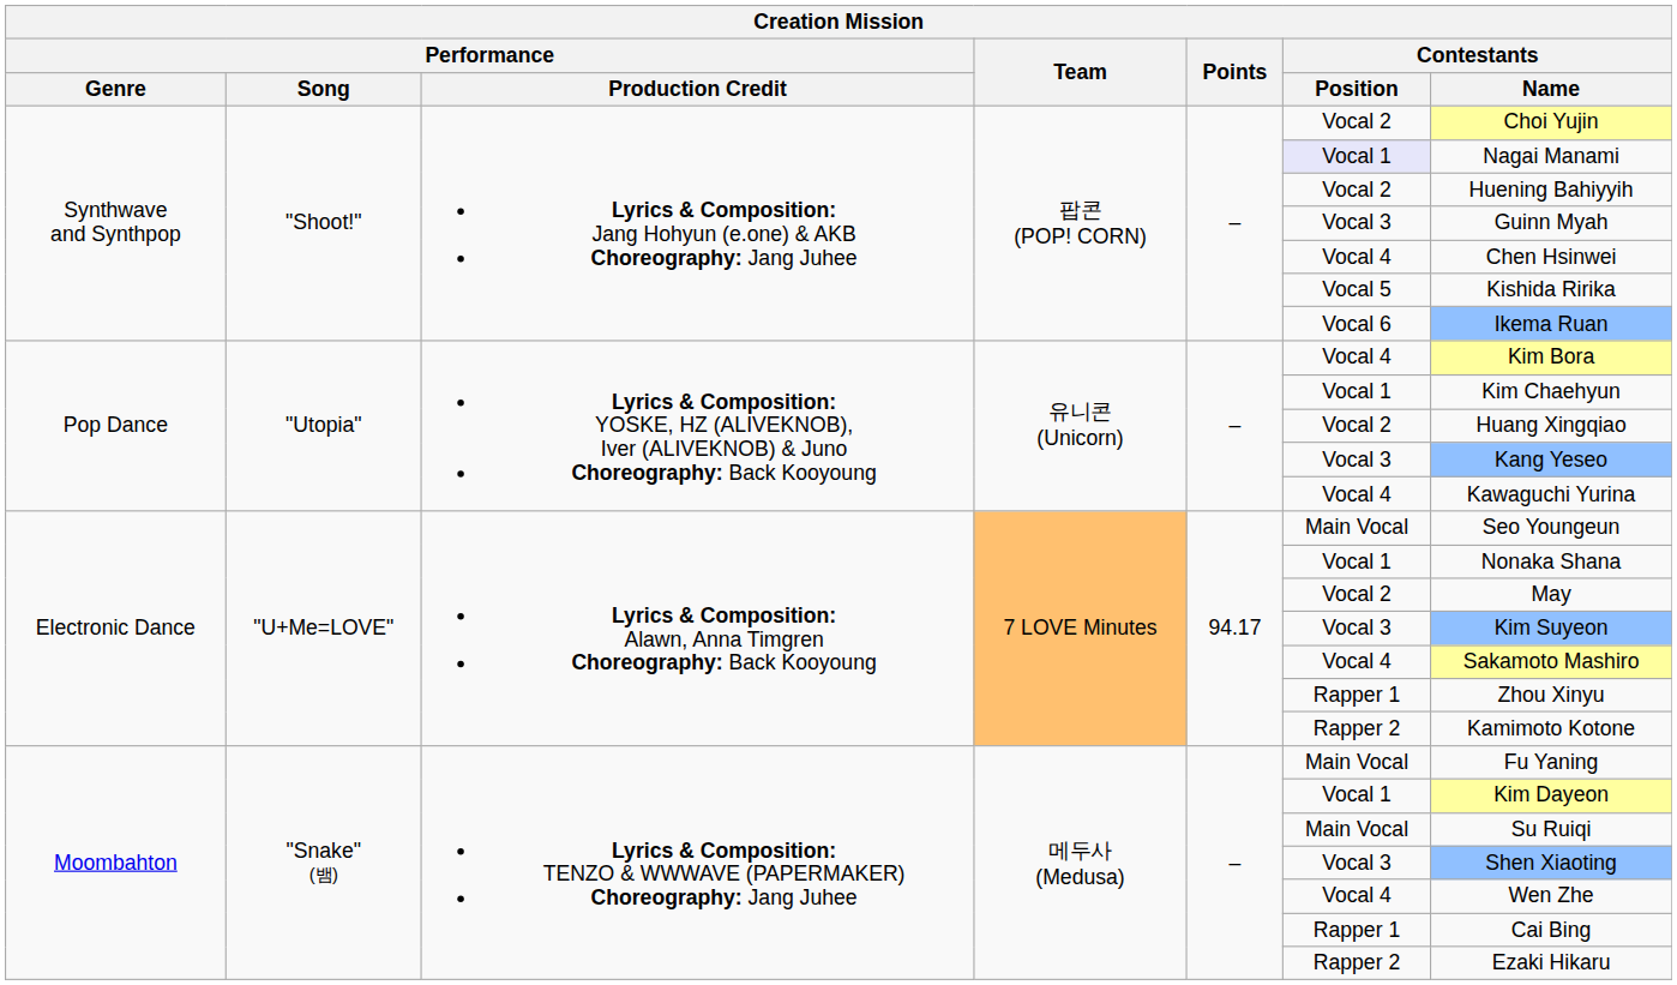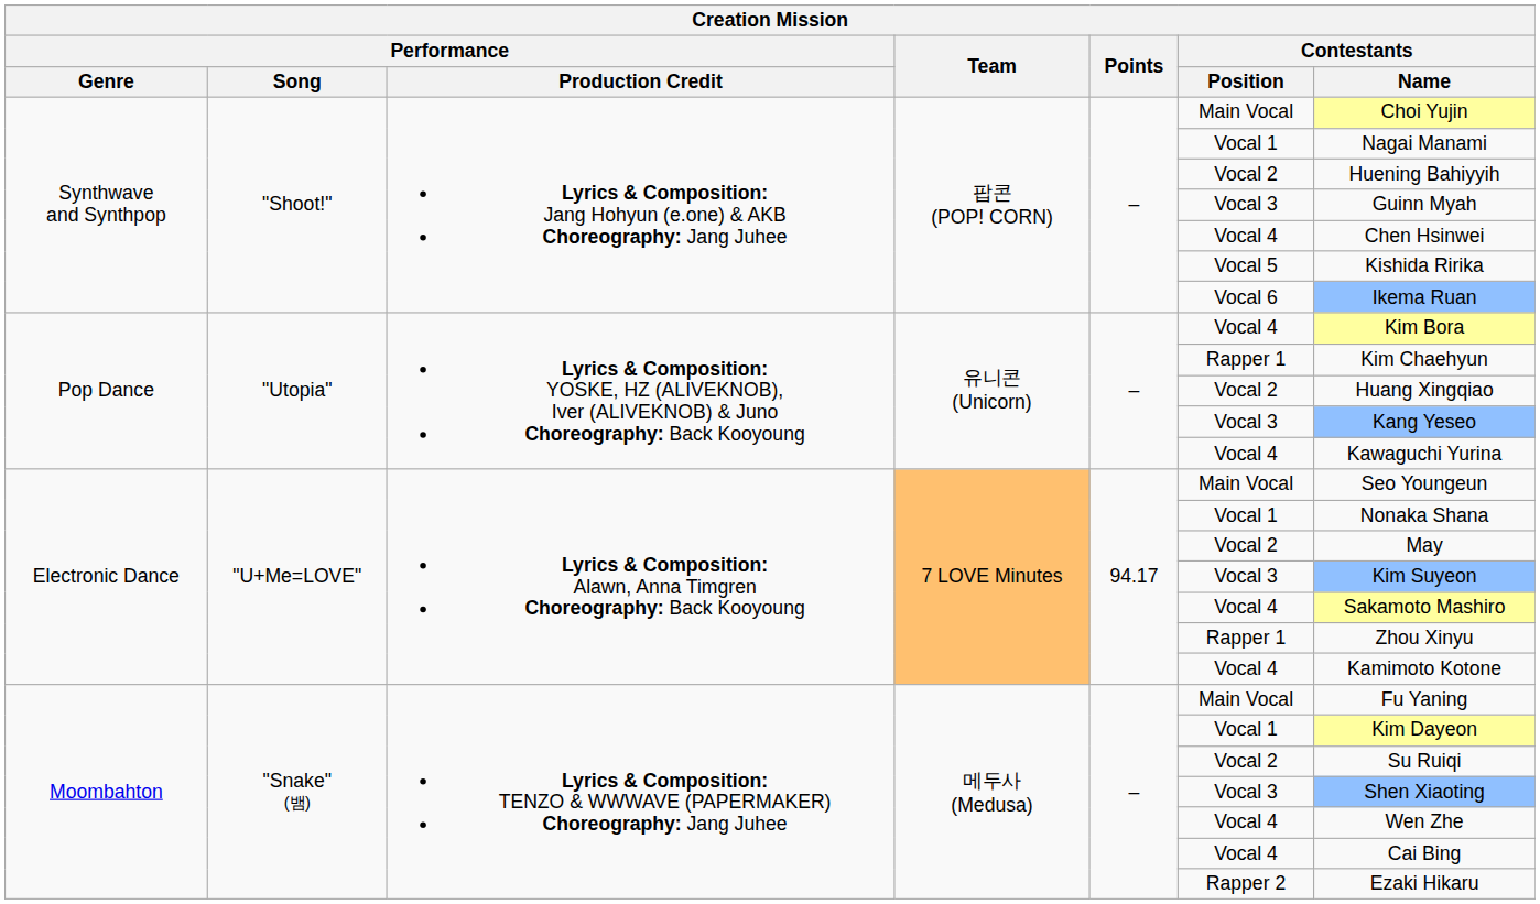 <table class="wikitable collapsible" style="width:100%; text-align:center">
 <tr>
 <th colspan="7">Creation Mission</th>
 </tr>
 <tr>
 <th colspan="3">Performance</th>
 <th rowspan="2">Team</th>
 <th rowspan="2">Points</th>
 <th colspan="2">Contestants</th>
 </tr>
 <tr>
 <th>Genre</th>
 <th>Song</th>
 <th>Production Credit</th>
 <th>Position</th>
 <th>Name</th>
 </tr>
 <tr>
 <td rowspan="7">Synthwave<br>and Synthpop</td>
 <td rowspan="7">"Shoot!"</td>
 <td rowspan="7"><br><ul><li><strong>Lyrics & Composition:</strong><br>Jang Hohyun (e.one) & AKB</li><li><strong>Choreography:</strong> Jang Juhee</li></ul></td>
 <td rowspan="7">팝콘<br>(POP! CORN)</td>
 <td rowspan="7">–</td>
-<td>Vocal 2</td>
+<td>Main Vocal</td>
 <td style="background:#FFFF9F;">Choi Yujin</td>
 </tr>
 <tr>
-<td style="background: lavender;">Vocal 1</td>
+<td>Vocal 1</td>
 <td>Nagai Manami</td>
 </tr>
 <tr>
 <td>Vocal 2</td>
 <td>Huening Bahiyyih</td>
 </tr>
 <tr>
 <td>Vocal 3</td>
 <td>Guinn Myah</td>
 </tr>
 <tr>
 <td>Vocal 4</td>
 <td>Chen Hsinwei</td>
 </tr>
 <tr>
 <td>Vocal 5</td>
 <td>Kishida Ririka</td>
 </tr>
 <tr>
 <td>Vocal 6</td>
 <td style="background:#90C0FF;">Ikema Ruan</td>
 </tr>
 <tr>
 <td rowspan="5">Pop Dance</td>
 <td rowspan="5">"Utopia"</td>
 <td rowspan="5"><br><ul><li><strong>Lyrics & Composition:</strong><br>YOSKE, HZ (ALIVEKNOB),<br>Iver (ALIVEKNOB) & Juno</li><li><strong>Choreography:</strong> Back Kooyoung</li></ul></td>
 <td rowspan="5">유니콘<br>(Unicorn)</td>
 <td rowspan="5">–</td>
 <td>Vocal 4</td>
 <td style="background:#FFFF9F;">Kim Bora</td>
 </tr>
 <tr>
-<td>Vocal 1</td>
+<td>Rapper 1</td>
 <td>Kim Chaehyun</td>
 </tr>
 <tr>
 <td>Vocal 2</td>
 <td>Huang Xingqiao</td>
 </tr>
 <tr>
 <td>Vocal 3</td>
 <td style="background:#90C0FF;">Kang Yeseo</td>
 </tr>
 <tr>
 <td>Vocal 4</td>
 <td>Kawaguchi Yurina</td>
 </tr>
 <tr>
 <td rowspan="7">Electronic Dance</td>
 <td rowspan="7">"U+Me=LOVE"</td>
 <td rowspan="7"><br><ul><li><strong>Lyrics & Composition:</strong><br>Alawn, Anna Timgren</li><li><strong>Choreography:</strong> Back Kooyoung</li></ul></td>
 <td rowspan="7" style="background:#FFC06F;">7 LOVE Minutes</td>
 <td rowspan="7">94.17</td>
 <td>Main Vocal</td>
 <td>Seo Youngeun</td>
 </tr>
 <tr>
 <td>Vocal 1</td>
 <td>Nonaka Shana</td>
 </tr>
 <tr>
 <td>Vocal 2</td>
 <td>May</td>
 </tr>
 <tr>
 <td>Vocal 3</td>
 <td style="background:#90C0FF;">Kim Suyeon</td>
 </tr>
 <tr>
 <td>Vocal 4</td>
 <td style="background:#FFFF9F;">Sakamoto Mashiro</td>
 </tr>
 <tr>
 <td>Rapper 1</td>
 <td>Zhou Xinyu</td>
 </tr>
 <tr>
-<td>Rapper 2</td>
+<td>Vocal 4</td>
 <td>Kamimoto Kotone</td>
 </tr>
 <tr>
 <td rowspan="7"><a href='#'>Moombahton</a></td>
 <td rowspan="7">"Snake"<br><small>(뱀)</small></td>
 <td rowspan="7"><br><ul><li><strong>Lyrics & Composition:</strong><br>TENZO & WWWAVE (PAPERMAKER)</li><li><strong>Choreography:</strong> Jang Juhee</li></ul></td>
 <td rowspan="7">메두사<br>(Medusa)</td>
 <td rowspan="7">–</td>
 <td>Main Vocal</td>
 <td>Fu Yaning</td>
 </tr>
 <tr>
 <td>Vocal 1</td>
 <td style="background:#FFFF9F;">Kim Dayeon</td>
 </tr>
 <tr>
-<td>Main Vocal</td>
+<td>Vocal 2</td>
 <td>Su Ruiqi</td>
 </tr>
 <tr>
 <td>Vocal 3</td>
 <td style="background:#90C0FF;">Shen Xiaoting</td>
 </tr>
 <tr>
 <td>Vocal 4</td>
 <td>Wen Zhe</td>
 </tr>
 <tr>
-<td>Rapper 1</td>
+<td>Vocal 4</td>
 <td>Cai Bing</td>
 </tr>
 <tr>
 <td>Rapper 2</td>
 <td>Ezaki Hikaru</td>
 </tr>
 </table>
